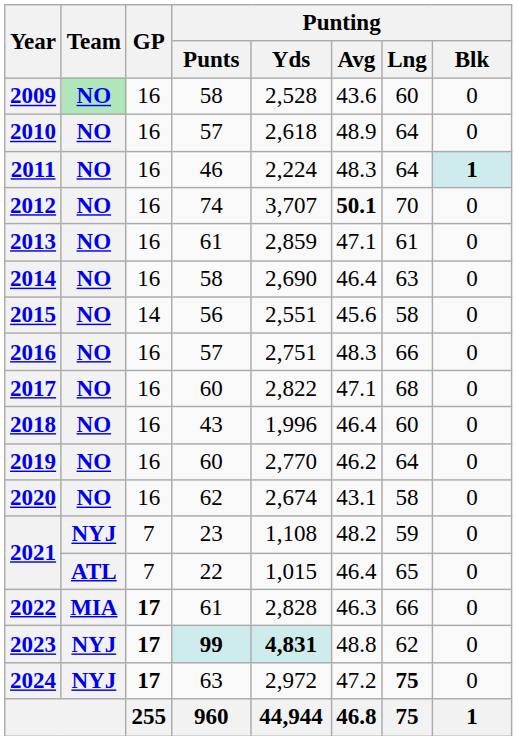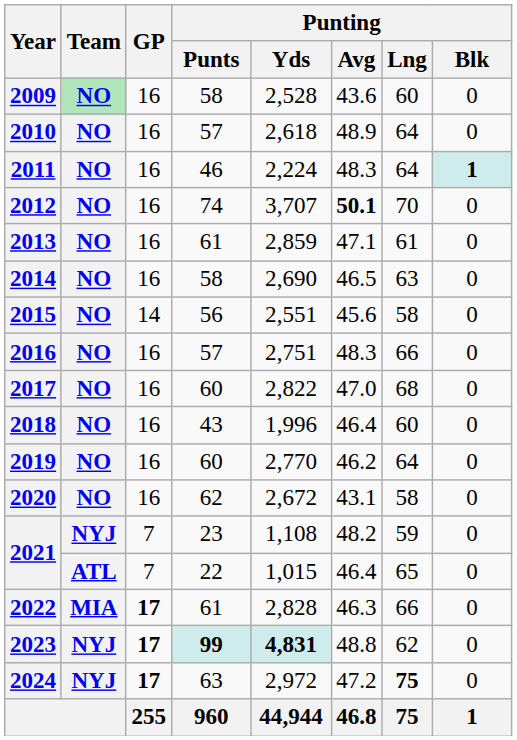 <table class="wikitable" style="text-align:center;">
 <tr>
 <th rowspan="2">Year</th>
 <th rowspan="2">Team</th>
 <th rowspan="2">GP</th>
 <th colspan="5">Punting</th>
 </tr>
 <tr>
 <th>Punts</th>
 <th>Yds</th>
 <th>Avg</th>
 <th>Lng</th>
 <th>Blk</th>
 </tr>
 <tr>
 <th><a href='#'>2009</a></th>
 <th style="background:#afe6ba;"><a href='#'>NO</a></th>
 <td>16</td>
 <td>58</td>
 <td>2,528</td>
 <td>43.6</td>
 <td>60</td>
 <td>0</td>
 </tr>
 <tr>
 <th><a href='#'>2010</a></th>
 <th><a href='#'>NO</a></th>
 <td>16</td>
 <td>57</td>
 <td>2,618</td>
 <td>48.9</td>
 <td>64</td>
 <td>0</td>
 </tr>
 <tr>
 <th><a href='#'>2011</a></th>
 <th><a href='#'>NO</a></th>
 <td>16</td>
 <td>46</td>
 <td>2,224</td>
 <td>48.3</td>
 <td>64</td>
 <td style="background:#cfecec; width:3em;"><strong>1</strong></td>
 </tr>
 <tr>
 <th><a href='#'>2012</a></th>
 <th><a href='#'>NO</a></th>
 <td>16</td>
 <td>74</td>
 <td>3,707</td>
 <td><strong>50.1</strong></td>
 <td>70</td>
 <td>0</td>
 </tr>
 <tr>
 <th><a href='#'>2013</a></th>
 <th><a href='#'>NO</a></th>
 <td>16</td>
 <td>61</td>
 <td>2,859</td>
 <td>47.1</td>
 <td>61</td>
 <td>0</td>
 </tr>
 <tr>
 <th><a href='#'>2014</a></th>
 <th><a href='#'>NO</a></th>
 <td>16</td>
 <td>58</td>
 <td>2,690</td>
-<td>46.4</td>
+<td>46.5</td>
 <td>63</td>
 <td>0</td>
 </tr>
 <tr>
 <th><a href='#'>2015</a></th>
 <th><a href='#'>NO</a></th>
 <td>14</td>
 <td>56</td>
 <td>2,551</td>
 <td>45.6</td>
 <td>58</td>
 <td>0</td>
 </tr>
 <tr>
 <th><a href='#'>2016</a></th>
 <th><a href='#'>NO</a></th>
 <td>16</td>
 <td>57</td>
 <td>2,751</td>
 <td>48.3</td>
 <td>66</td>
 <td>0</td>
 </tr>
 <tr>
 <th><a href='#'>2017</a></th>
 <th><a href='#'>NO</a></th>
 <td>16</td>
 <td>60</td>
 <td>2,822</td>
-<td>47.1</td>
+<td>47.0</td>
 <td>68</td>
 <td>0</td>
 </tr>
 <tr>
 <th><a href='#'>2018</a></th>
 <th><a href='#'>NO</a></th>
 <td>16</td>
 <td>43</td>
 <td>1,996</td>
 <td>46.4</td>
 <td>60</td>
 <td>0</td>
 </tr>
 <tr>
 <th><a href='#'>2019</a></th>
 <th><a href='#'>NO</a></th>
 <td>16</td>
 <td>60</td>
 <td>2,770</td>
 <td>46.2</td>
 <td>64</td>
 <td>0</td>
 </tr>
 <tr>
 <th><a href='#'>2020</a></th>
 <th><a href='#'>NO</a></th>
 <td>16</td>
 <td>62</td>
-<td>2,674</td>
+<td>2,672</td>
 <td>43.1</td>
 <td>58</td>
 <td>0</td>
 </tr>
 <tr>
 <th rowspan="2"><a href='#'>2021</a></th>
 <th><a href='#'>NYJ</a></th>
 <td>7</td>
 <td>23</td>
 <td>1,108</td>
 <td>48.2</td>
 <td>59</td>
 <td>0</td>
 </tr>
 <tr>
 <th><a href='#'>ATL</a></th>
 <td>7</td>
 <td>22</td>
 <td>1,015</td>
 <td>46.4</td>
 <td>65</td>
 <td>0</td>
 </tr>
 <tr>
 <th><a href='#'>2022</a></th>
 <th><a href='#'>MIA</a></th>
 <td><strong>17</strong></td>
 <td>61</td>
 <td>2,828</td>
 <td>46.3</td>
 <td>66</td>
 <td>0</td>
 </tr>
 <tr>
 <th><a href='#'>2023</a></th>
 <th><a href='#'>NYJ</a></th>
 <td><strong>17</strong></td>
 <td style="background:#cfecec; width:3em;"><strong>99</strong></td>
 <td style="background:#cfecec; width:3em;"><strong>4,831</strong></td>
 <td>48.8</td>
 <td>62</td>
 <td>0</td>
 </tr>
 <tr>
 <th><a href='#'>2024</a></th>
 <th><a href='#'>NYJ</a></th>
 <td><strong>17</strong></td>
 <td>63</td>
 <td>2,972</td>
 <td>47.2</td>
 <td><strong>75</strong></td>
 <td>0</td>
 </tr>
 <tr>
 <th colspan="2"></th>
 <th>255</th>
 <th>960</th>
 <th>44,944</th>
 <th>46.8</th>
 <th>75</th>
 <th>1</th>
 </tr>
 </table>
